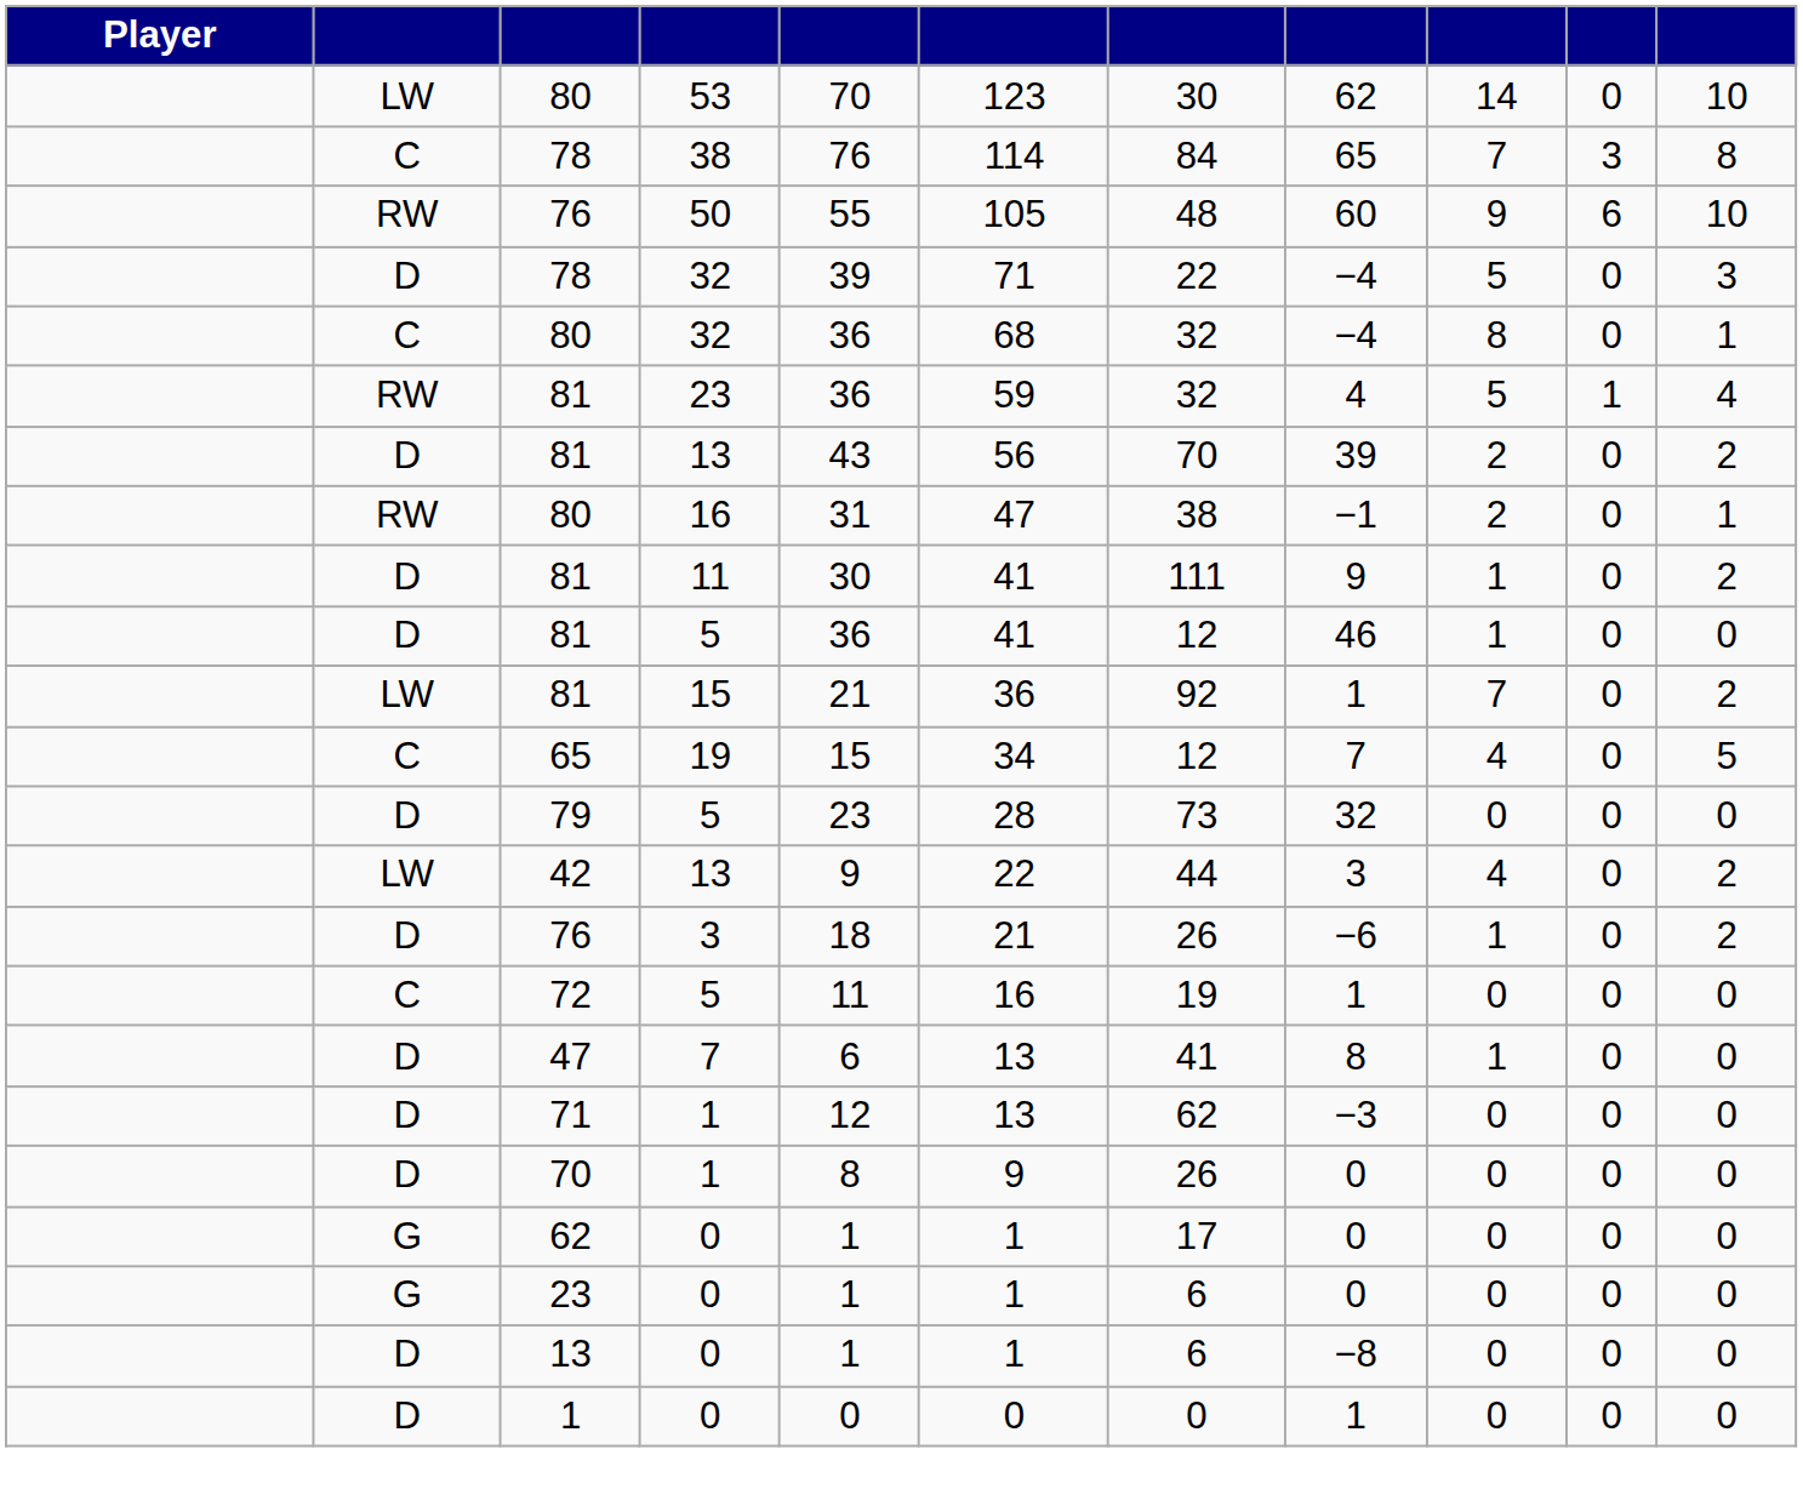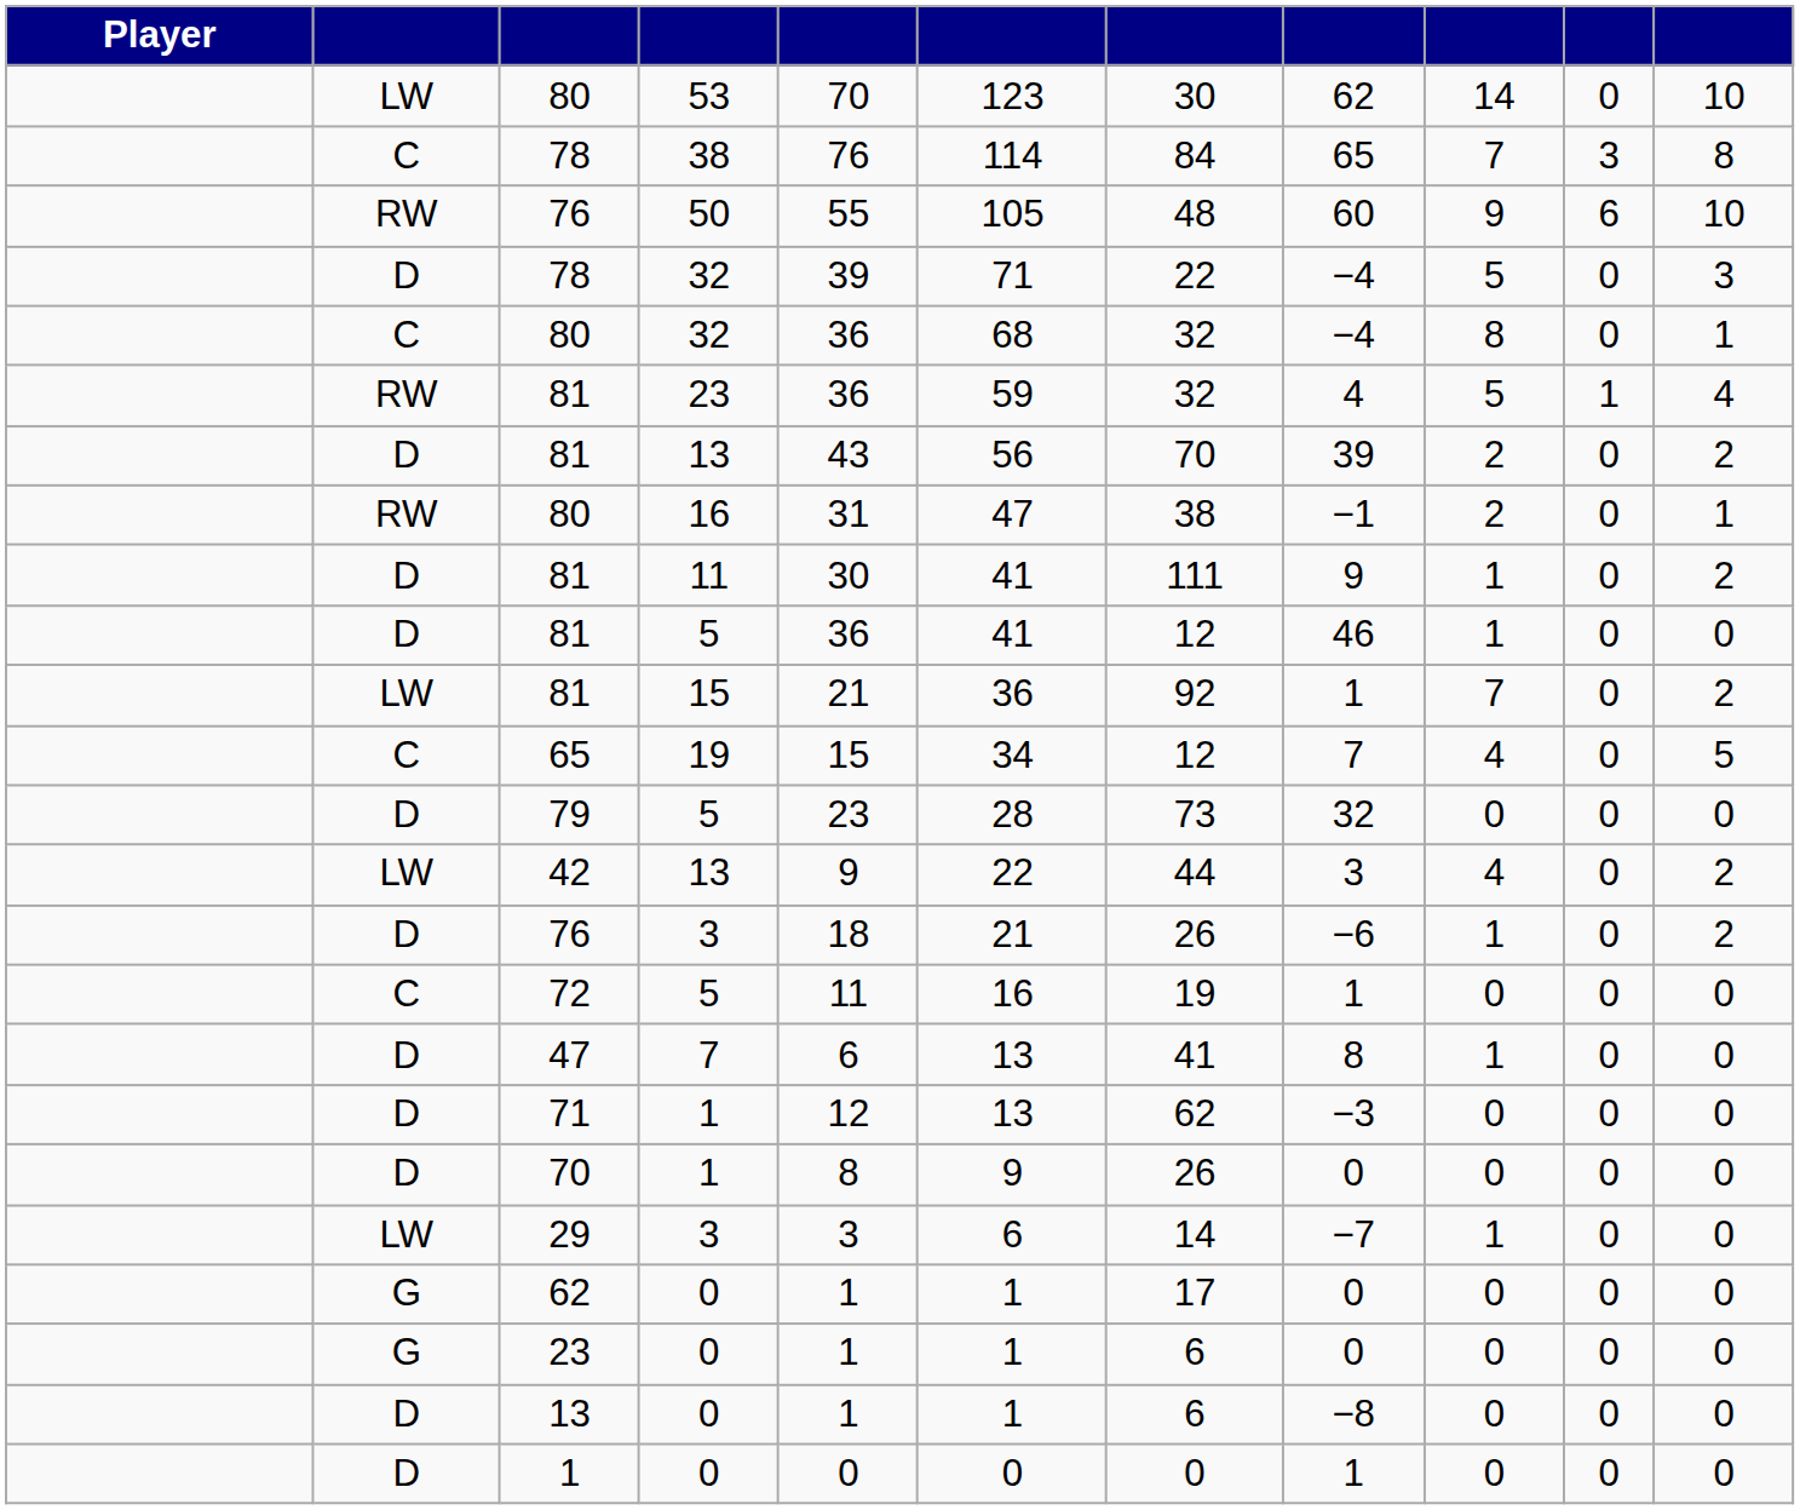 <table class="wikitable sortable" style="width:60%; text-align:center;">
 <tr align=center>
 <th style="color:white; background:#000084; ">Player</th>
 <th style="color:white; background:#000084; "></th>
 <th style="color:white; background:#000084; "></th>
 <th style="color:white; background:#000084; "></th>
 <th style="color:white; background:#000084; "></th>
 <th style="color:white; background:#000084; "></th>
 <th style="color:white; background:#000084; "></th>
 <th style="color:white; background:#000084; "></th>
 <th style="color:white; background:#000084; "></th>
 <th style="color:white; background:#000084; "></th>
 <th style="color:white; background:#000084; "></th>
 </tr>
 <tr>
 <td align="right"></td>
 <td>LW</td>
 <td>80</td>
 <td>53</td>
 <td>70</td>
 <td>123</td>
 <td>30</td>
 <td>62</td>
 <td>14</td>
 <td>0</td>
 <td>10</td>
 </tr>
 <tr align="center">
 <td align="right"></td>
 <td>C</td>
 <td>78</td>
 <td>38</td>
 <td>76</td>
 <td>114</td>
 <td>84</td>
 <td>65</td>
 <td>7</td>
 <td>3</td>
 <td>8</td>
 </tr>
 <tr align="center">
 <td align="right"></td>
 <td>RW</td>
 <td>76</td>
 <td>50</td>
 <td>55</td>
 <td>105</td>
 <td>48</td>
 <td>60</td>
 <td>9</td>
 <td>6</td>
 <td>10</td>
 </tr>
 <tr align="center">
 <td align="right"></td>
 <td>D</td>
 <td>78</td>
 <td>32</td>
 <td>39</td>
 <td>71</td>
 <td>22</td>
 <td>−4</td>
 <td>5</td>
 <td>0</td>
 <td>3</td>
 </tr>
 <tr align="center">
 <td align="right"></td>
 <td>C</td>
 <td>80</td>
 <td>32</td>
 <td>36</td>
 <td>68</td>
 <td>32</td>
 <td>−4</td>
 <td>8</td>
 <td>0</td>
 <td>1</td>
 </tr>
 <tr align="center">
 <td align="right"></td>
 <td>RW</td>
 <td>81</td>
 <td>23</td>
 <td>36</td>
 <td>59</td>
 <td>32</td>
 <td>4</td>
 <td>5</td>
 <td>1</td>
 <td>4</td>
 </tr>
 <tr align="center">
 <td align="right"></td>
 <td>D</td>
 <td>81</td>
 <td>13</td>
 <td>43</td>
 <td>56</td>
 <td>70</td>
 <td>39</td>
 <td>2</td>
 <td>0</td>
 <td>2</td>
 </tr>
 <tr align="center">
 <td align="right"></td>
 <td>RW</td>
 <td>80</td>
 <td>16</td>
 <td>31</td>
 <td>47</td>
 <td>38</td>
 <td>−1</td>
 <td>2</td>
 <td>0</td>
 <td>1</td>
 </tr>
 <tr align="center">
 <td align="right"></td>
 <td>D</td>
 <td>81</td>
 <td>11</td>
 <td>30</td>
 <td>41</td>
 <td>111</td>
 <td>9</td>
 <td>1</td>
 <td>0</td>
 <td>2</td>
 </tr>
 <tr align="center">
 <td align="right"></td>
 <td>D</td>
 <td>81</td>
 <td>5</td>
 <td>36</td>
 <td>41</td>
 <td>12</td>
 <td>46</td>
 <td>1</td>
 <td>0</td>
 <td>0</td>
 </tr>
 <tr align="center">
 <td align="right"></td>
 <td>LW</td>
 <td>81</td>
 <td>15</td>
 <td>21</td>
 <td>36</td>
 <td>92</td>
 <td>1</td>
 <td>7</td>
 <td>0</td>
 <td>2</td>
 </tr>
 <tr align="center">
 <td align="right"></td>
 <td>C</td>
 <td>65</td>
 <td>19</td>
 <td>15</td>
 <td>34</td>
 <td>12</td>
 <td>7</td>
 <td>4</td>
 <td>0</td>
 <td>5</td>
 </tr>
 <tr align="center">
 <td align="right"></td>
 <td>D</td>
 <td>79</td>
 <td>5</td>
 <td>23</td>
 <td>28</td>
 <td>73</td>
 <td>32</td>
 <td>0</td>
 <td>0</td>
 <td>0</td>
 </tr>
 <tr align="center">
 <td align="right"></td>
 <td>LW</td>
 <td>42</td>
 <td>13</td>
 <td>9</td>
 <td>22</td>
 <td>44</td>
 <td>3</td>
 <td>4</td>
 <td>0</td>
 <td>2</td>
 </tr>
 <tr align="center">
 <td align="right"></td>
 <td>D</td>
 <td>76</td>
 <td>3</td>
 <td>18</td>
 <td>21</td>
 <td>26</td>
 <td>−6</td>
 <td>1</td>
 <td>0</td>
 <td>2</td>
 </tr>
 <tr align="center">
 <td align="right"></td>
 <td>C</td>
 <td>72</td>
 <td>5</td>
 <td>11</td>
 <td>16</td>
 <td>19</td>
 <td>1</td>
 <td>0</td>
 <td>0</td>
 <td>0</td>
 </tr>
 <tr align="center">
 <td align="right"></td>
 <td>D</td>
 <td>47</td>
 <td>7</td>
 <td>6</td>
 <td>13</td>
 <td>41</td>
 <td>8</td>
 <td>1</td>
 <td>0</td>
 <td>0</td>
 </tr>
 <tr align="center">
 <td align="right"></td>
 <td>D</td>
 <td>71</td>
 <td>1</td>
 <td>12</td>
 <td>13</td>
 <td>62</td>
 <td>−3</td>
 <td>0</td>
 <td>0</td>
 <td>0</td>
 </tr>
 <tr align="center">
 <td align="right"></td>
 <td>D</td>
 <td>70</td>
 <td>1</td>
 <td>8</td>
 <td>9</td>
 <td>26</td>
 <td>0</td>
 <td>0</td>
 <td>0</td>
 <td>0</td>
 </tr>
 <tr align="center">
 <td align="right"></td>
+<td>LW</td>
+<td>29</td>
+<td>3</td>
+<td>3</td>
+<td>6</td>
+<td>14</td>
+<td>−7</td>
+<td>1</td>
+<td>0</td>
+<td>0</td>
+</tr>
+<tr align="center">
+<td align="right"></td>
 <td>G</td>
 <td>62</td>
 <td>0</td>
 <td>1</td>
 <td>1</td>
 <td>17</td>
 <td>0</td>
 <td>0</td>
 <td>0</td>
 <td>0</td>
 </tr>
 <tr align="center">
 <td align="right"></td>
 <td>G</td>
 <td>23</td>
 <td>0</td>
 <td>1</td>
 <td>1</td>
 <td>6</td>
 <td>0</td>
 <td>0</td>
 <td>0</td>
 <td>0</td>
 </tr>
 <tr align="center">
 <td align="right"></td>
 <td>D</td>
 <td>13</td>
 <td>0</td>
 <td>1</td>
 <td>1</td>
 <td>6</td>
 <td>−8</td>
 <td>0</td>
 <td>0</td>
 <td>0</td>
 </tr>
 <tr align="center">
 <td align="right"></td>
 <td>D</td>
 <td>1</td>
 <td>0</td>
 <td>0</td>
 <td>0</td>
 <td>0</td>
 <td>1</td>
 <td>0</td>
 <td>0</td>
 <td>0</td>
 </tr>
 </table>
